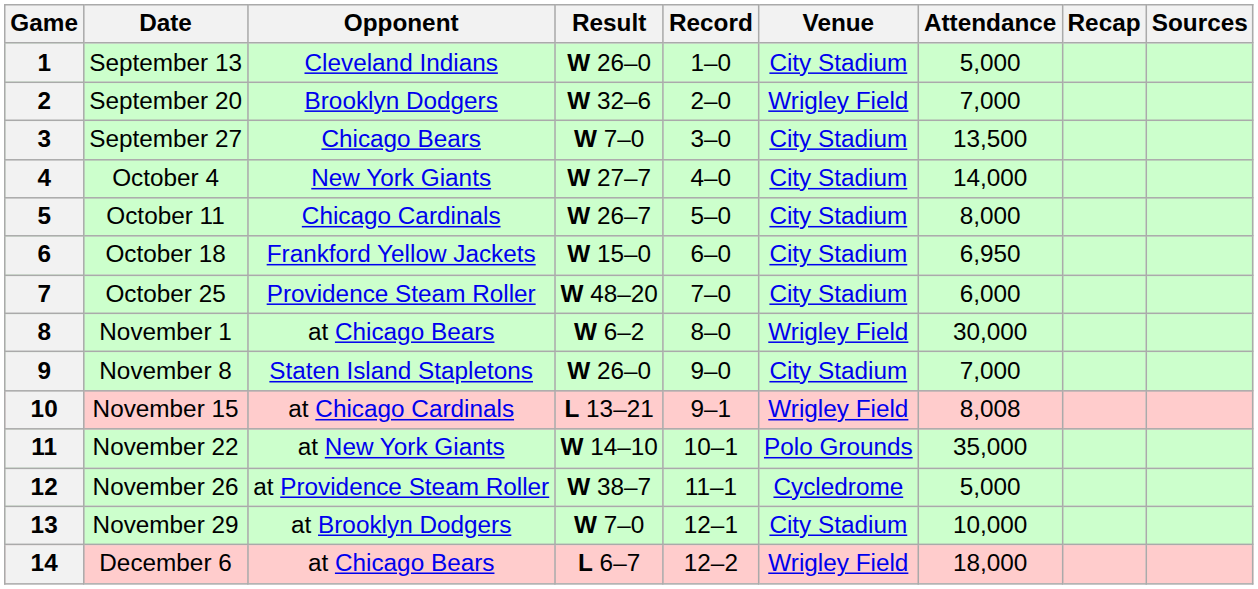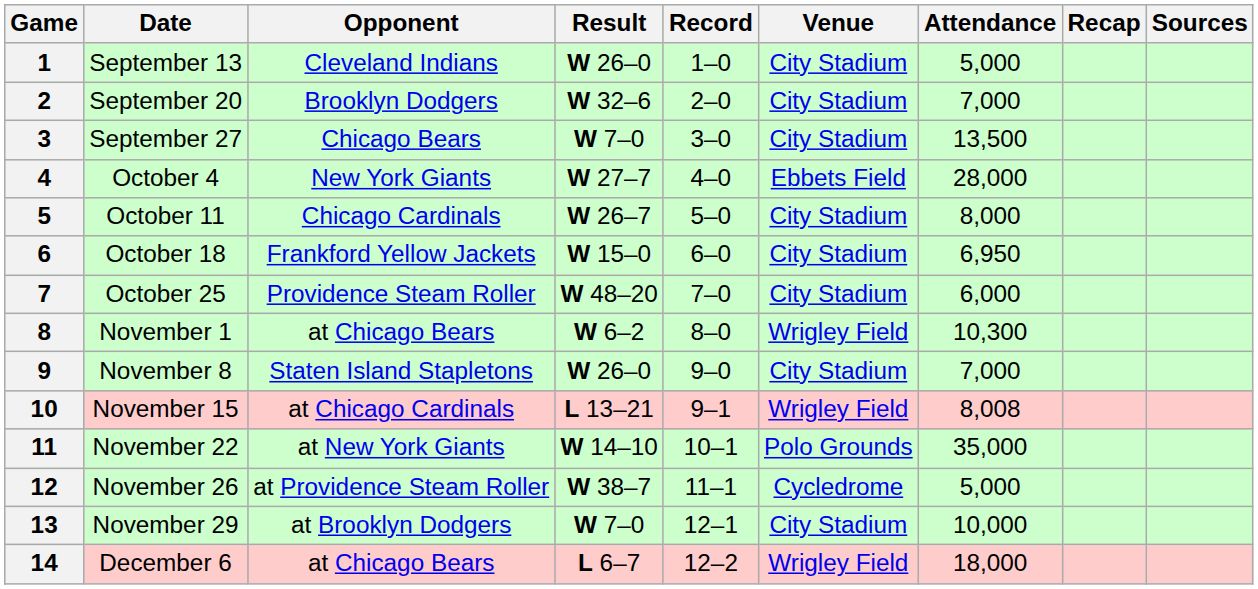 <table class="wikitable" style="text-align:center">
 <tr>
 <th>Game</th>
 <th>Date</th>
 <th>Opponent</th>
 <th>Result</th>
 <th>Record</th>
 <th>Venue</th>
 <th>Attendance</th>
 <th>Recap</th>
 <th>Sources</th>
 </tr>
 <tr style="background:#cfc">
 <th>1</th>
 <td>September 13</td>
 <td><a href='#'>Cleveland Indians</a></td>
 <td><strong>W</strong> 26–0</td>
 <td>1–0</td>
 <td><a href='#'>City Stadium</a></td>
 <td>5,000</td>
 <td></td>
 <td></td>
 </tr>
 <tr style="background:#cfc">
 <th>2</th>
 <td>September 20</td>
 <td><a href='#'>Brooklyn Dodgers</a></td>
 <td><strong>W</strong> 32–6</td>
 <td>2–0</td>
-<td><a href='#'>Wrigley Field</a></td>
+<td><a href='#'>City Stadium</a></td>
 <td>7,000</td>
 <td></td>
 <td></td>
 </tr>
 <tr style="background:#cfc">
 <th>3</th>
 <td>September 27</td>
 <td><a href='#'>Chicago Bears</a></td>
 <td><strong>W</strong> 7–0</td>
 <td>3–0</td>
 <td><a href='#'>City Stadium</a></td>
 <td>13,500</td>
 <td></td>
 <td></td>
 </tr>
 <tr style="background:#cfc">
 <th>4</th>
 <td>October 4</td>
 <td><a href='#'>New York Giants</a></td>
 <td><strong>W</strong> 27–7</td>
 <td>4–0</td>
-<td><a href='#'>City Stadium</a></td>
-<td>14,000</td>
+<td><a href='#'>Ebbets Field</a></td>
+<td>28,000</td>
 <td></td>
 <td></td>
 </tr>
 <tr style="background:#cfc">
 <th>5</th>
 <td>October 11</td>
 <td><a href='#'>Chicago Cardinals</a></td>
 <td><strong>W</strong> 26–7</td>
 <td>5–0</td>
 <td><a href='#'>City Stadium</a></td>
 <td>8,000</td>
 <td></td>
 <td></td>
 </tr>
 <tr style="background:#cfc">
 <th>6</th>
 <td>October 18</td>
 <td><a href='#'>Frankford Yellow Jackets</a></td>
 <td><strong>W</strong> 15–0</td>
 <td>6–0</td>
 <td><a href='#'>City Stadium</a></td>
 <td>6,950</td>
 <td></td>
 <td></td>
 </tr>
 <tr style="background:#cfc">
 <th>7</th>
 <td>October 25</td>
 <td><a href='#'>Providence Steam Roller</a></td>
 <td><strong>W</strong> 48–20</td>
 <td>7–0</td>
 <td><a href='#'>City Stadium</a></td>
 <td>6,000</td>
 <td></td>
 <td></td>
 </tr>
 <tr style="background:#cfc">
 <th>8</th>
 <td>November 1</td>
 <td>at <a href='#'>Chicago Bears</a></td>
 <td><strong>W</strong> 6–2</td>
 <td>8–0</td>
 <td><a href='#'>Wrigley Field</a></td>
-<td>30,000</td>
+<td>10,300</td>
 <td></td>
 <td></td>
 </tr>
 <tr style="background:#cfc">
 <th>9</th>
 <td>November 8</td>
 <td><a href='#'>Staten Island Stapletons</a></td>
 <td><strong>W</strong> 26–0</td>
 <td>9–0</td>
 <td><a href='#'>City Stadium</a></td>
 <td>7,000</td>
 <td></td>
 <td></td>
 </tr>
 <tr style="background:#fcc">
 <th>10</th>
 <td>November 15</td>
 <td>at <a href='#'>Chicago Cardinals</a></td>
 <td><strong>L</strong> 13–21</td>
 <td>9–1</td>
 <td><a href='#'>Wrigley Field</a></td>
 <td>8,008</td>
 <td></td>
 <td></td>
 </tr>
 <tr style="background:#cfc">
 <th>11</th>
 <td>November 22</td>
 <td>at <a href='#'>New York Giants</a></td>
 <td><strong>W</strong> 14–10</td>
 <td>10–1</td>
 <td><a href='#'>Polo Grounds</a></td>
 <td>35,000</td>
 <td></td>
 <td></td>
 </tr>
 <tr style="background:#cfc">
 <th>12</th>
 <td>November 26</td>
 <td>at <a href='#'>Providence Steam Roller</a></td>
 <td><strong>W</strong> 38–7</td>
 <td>11–1</td>
 <td><a href='#'>Cycledrome</a></td>
 <td>5,000</td>
 <td></td>
 <td></td>
 </tr>
 <tr style="background:#cfc">
 <th>13</th>
 <td>November 29</td>
 <td>at <a href='#'>Brooklyn Dodgers</a></td>
 <td><strong>W</strong> 7–0</td>
 <td>12–1</td>
 <td><a href='#'>City Stadium</a></td>
 <td>10,000</td>
 <td></td>
 <td></td>
 </tr>
 <tr style="background:#fcc">
 <th>14</th>
 <td>December 6</td>
 <td>at <a href='#'>Chicago Bears</a></td>
 <td><strong>L</strong> 6–7</td>
 <td>12–2</td>
 <td><a href='#'>Wrigley Field</a></td>
 <td>18,000</td>
 <td></td>
 <td></td>
 </tr>
 </table>
